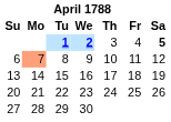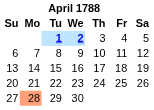 <table class="toccolours" style="text-align:right;float:left;width:14em;margin-right:1em;" cellpadding=2 cellspacing=0>
 <tr class="calendar-purple">
 <td></td>
 <th colspan="5" style="text-align: center;">April 1788</th>
 <td></td>
 </tr>
 <tr class="calendar-purple" style="border: none;">
 <th scope="col" width="14.2857%" title="Sunday">Su</th>
 <th scope="col" width="14.2857%" title="Monday">Mo</th>
 <th scope="col" width="14.2857%" title="Tuesday">Tu</th>
 <th scope="col" width="14.2857%" title="Wednesday">We</th>
 <th scope="col" width="14.2857%" title="Thursday">Th</th>
 <th scope="col" width="14.2857%" title="Friday">Fr</th>
 <th scope="col" width="14.2857%" title="Saturday">Sa</th>
 </tr>
 <tr>
 </tr>
 <tr>
 <td></td>
 <td></td>
 <td style="background-color:#BFE4FF"><strong><a href='#'>1</a></strong></td>
 <td style="background-color:#BFE4FF"><strong><a href='#'>2</a></strong></td>
 <td>3</td>
 <td>4</td>
-<td><strong>5</strong></td>
+<td>5</td>
 </tr>
 <tr>
 <td>6</td>
-<td style="background: lightsalmon;">7</td>
+<td>7</td>
 <td>8</td>
 <td>9</td>
 <td>10</td>
 <td>11</td>
 <td>12</td>
 </tr>
 <tr>
 <td>13</td>
 <td>14</td>
 <td>15</td>
 <td>16</td>
 <td>17</td>
 <td>18</td>
 <td>19</td>
 </tr>
 <tr>
 <td>20</td>
 <td>21</td>
 <td>22</td>
 <td>23</td>
 <td>24</td>
 <td>25</td>
 <td>26</td>
 </tr>
 <tr>
 <td>27</td>
-<td>28</td>
+<td style="background: lightsalmon;">28</td>
 <td>29</td>
 <td>30</td>
 <td></td>
 <td colspan=2> </td>
 </tr>
 <tr>
 <td colspan=7> </td>
 </tr>
 <tr class="calendar-purple">
 </tr>
 <tr class="calendar-purple">
 </tr>
 </table>
